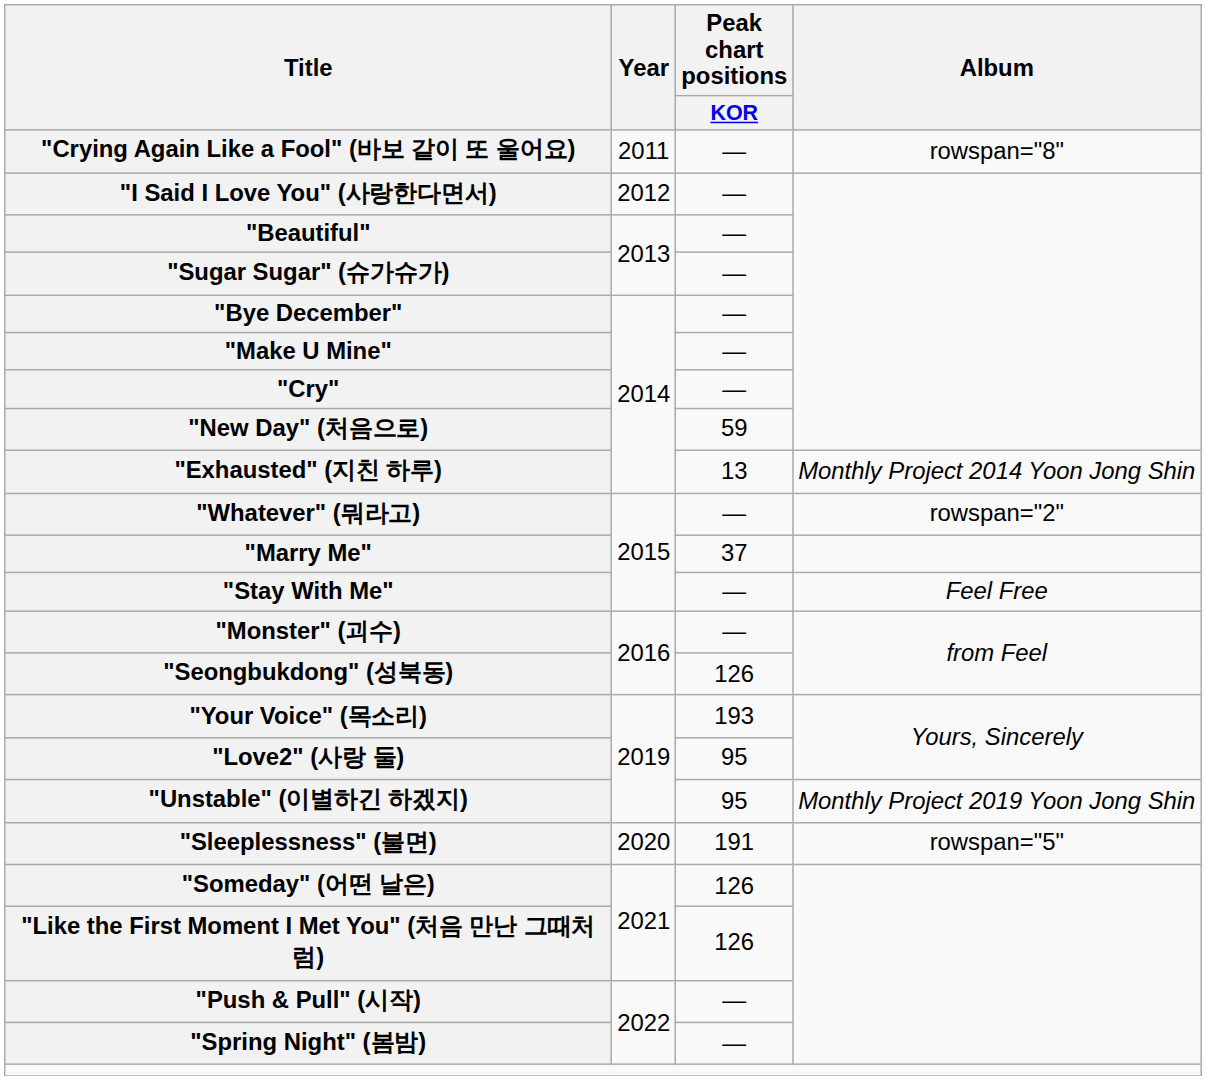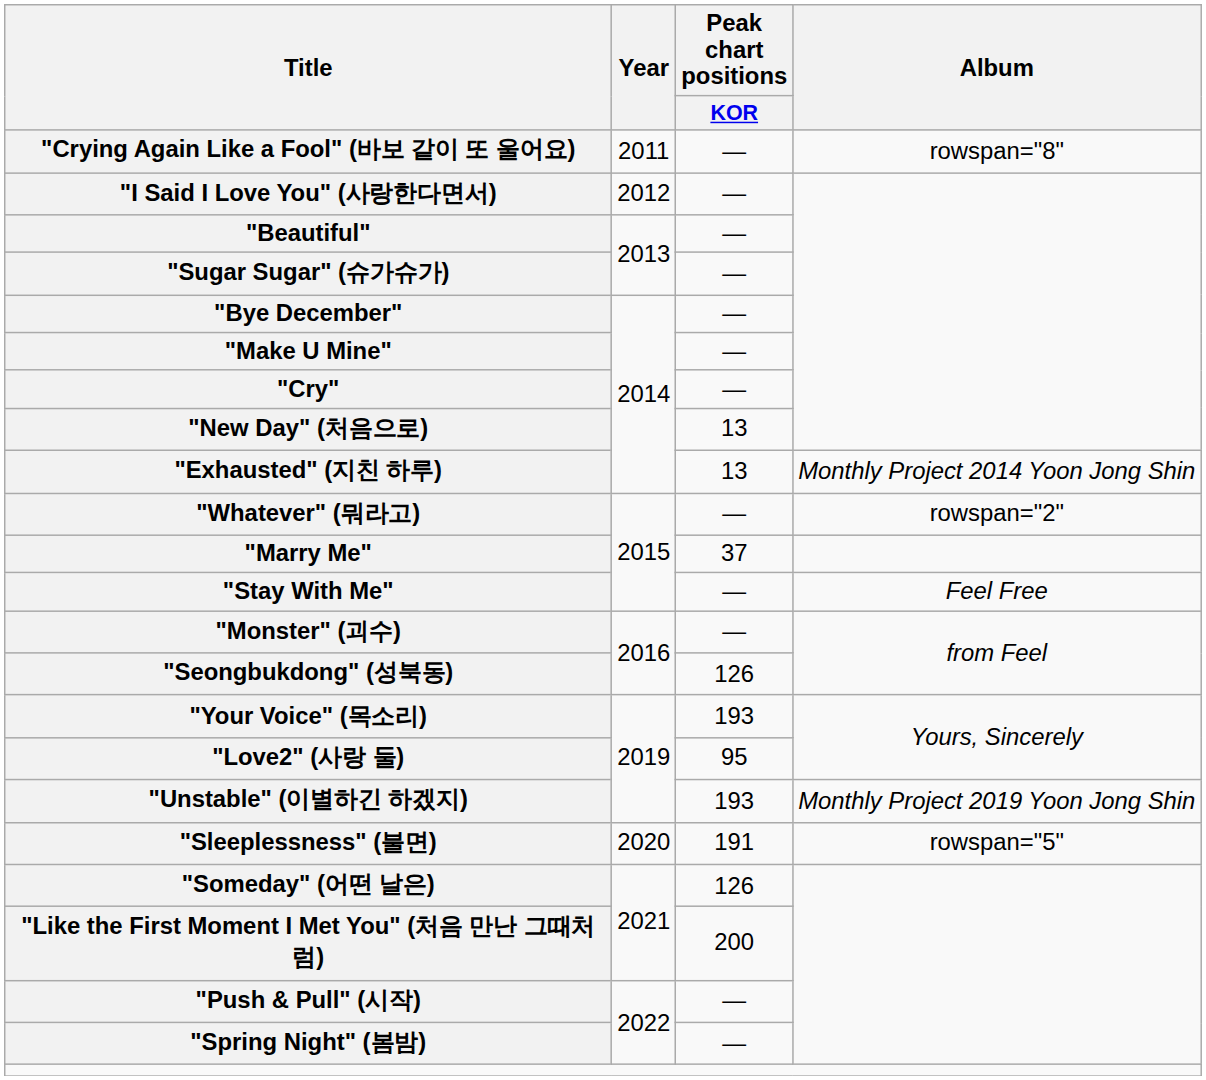 <table class="wikitable plainrowheaders" style="text-align:center;">
 <tr>
 <th scope="col" rowspan="2" style="width:25em;">Title</th>
 <th scope="col" rowspan="2">Year</th>
 <th scope="col" colspan="1">Peak chart positions</th>
 <th scope="col" rowspan="2">Album</th>
 </tr>
 <tr>
 <th scope="col" style="width:2.5em;font-size:90%;"><a href='#'>KOR</a><br></th>
 </tr>
 <tr>
 <th scope="row">"Crying Again Like a Fool" (바보 같이 또 울어요) </th>
 <td>2011</td>
 <td>—</td>
 <td>rowspan="8" </td>
 </tr>
 <tr>
 <th scope="row">"I Said I Love You" (사랑한다면서)</th>
 <td>2012</td>
 <td>—</td>
 </tr>
 <tr>
 <th scope="row">"Beautiful"</th>
 <td rowspan="2">2013</td>
 <td>—</td>
 </tr>
 <tr>
 <th scope="row">"Sugar Sugar" (슈가슈가) </th>
 <td>—</td>
 </tr>
 <tr>
 <th scope="row">"Bye December"</th>
 <td rowspan="5">2014</td>
 <td>—</td>
 </tr>
 <tr>
 <th scope="row">"Make U Mine"</th>
 <td>—</td>
 </tr>
 <tr>
 <th scope="row">"Cry"</th>
 <td>—</td>
 </tr>
 <tr>
 <th scope="row">"New Day" (처음으로) </th>
-<td>59</td>
+<td>13</td>
 </tr>
 <tr>
 <th scope="row">"Exhausted" (지친 하루) </th>
 <td>13</td>
 <td><em>Monthly Project 2014 Yoon Jong Shin</em></td>
 </tr>
 <tr>
 <th scope="row">"Whatever" (뭐라고) </th>
 <td rowspan="3">2015</td>
 <td>—</td>
 <td>rowspan="2" </td>
 </tr>
 <tr>
 <th scope="row">"Marry Me"</th>
 <td>37</td>
 </tr>
 <tr>
 <th scope="row">"Stay With Me"</th>
 <td>—</td>
 <td><em>Feel Free</em></td>
 </tr>
 <tr>
 <th scope="row">"Monster" (괴수) </th>
 <td rowspan="2">2016</td>
 <td>—</td>
 <td rowspan="2"><em>from Feel</em></td>
 </tr>
 <tr>
 <th scope="row">"Seongbukdong" (성북동)</th>
 <td>126</td>
 </tr>
 <tr>
 <th scope="row">"Your Voice" (목소리)</th>
 <td rowspan="3">2019</td>
 <td>193</td>
 <td rowspan="2"><em>Yours, Sincerely</em></td>
 </tr>
 <tr>
 <th scope="row">"Love2" (사랑 둘)</th>
 <td>95</td>
 </tr>
 <tr>
 <th scope="row">"Unstable" (이별하긴 하겠지) </th>
-<td>95</td>
+<td>193</td>
 <td><em>Monthly Project 2019 Yoon Jong Shin</em></td>
 </tr>
 <tr>
 <th scope="row">"Sleeplessness" (불면)</th>
 <td>2020</td>
 <td>191</td>
 <td>rowspan="5" </td>
 </tr>
 <tr>
 <th scope="row">"Someday" (어떤 날은)</th>
 <td rowspan="2">2021</td>
 <td>126</td>
 </tr>
 <tr>
 <th scope="row">"Like the First Moment I Met You" (처음 만난 그때처럼)</th>
-<td>126</td>
+<td>200</td>
 </tr>
 <tr>
 <th scope="row">"Push & Pull" (시작)</th>
 <td rowspan="2">2022</td>
 <td>—</td>
 </tr>
 <tr>
 <th scope="row">"Spring Night" (봄밤)</th>
 <td>—</td>
 </tr>
 <tr>
 <td colspan="4"></td>
 </tr>
 </table>
